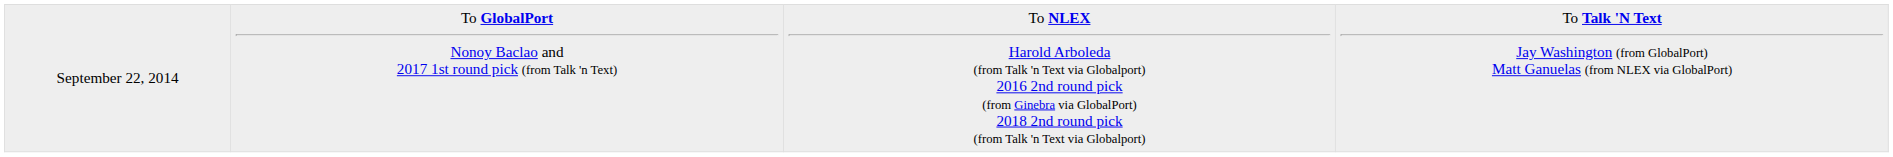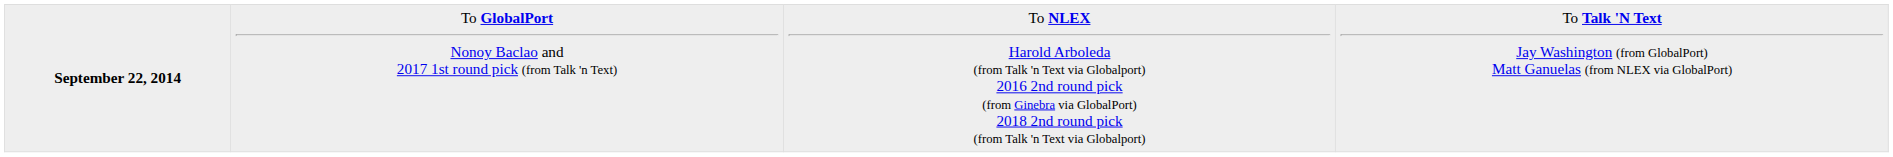 <table border=1 style="border-collapse:collapse; text-align: center; width: 100%" bordercolor="#DFDFDF"  cellpadding="5">
 <tr>
 </tr>
 <tr bgcolor="eeeeee">
-<td style="width:12%">September 22, 2014</td>
+<td style="width:12%"><strong>September 22, 2014</strong></td>
 <td style="width:29.3%" valign="top">To <strong><a href='#'>GlobalPort</a></strong><hr><a href='#'>Nonoy Baclao</a>  and <br><a href='#'>2017 1st round pick</a> <small>(from Talk 'n Text)</small></td>
 <td style="width:29.3%" valign="top">To <strong><a href='#'>NLEX</a></strong><hr><a href='#'>Harold Arboleda</a><br><small>(from Talk 'n Text via Globalport)</small><br><a href='#'>2016 2nd round pick</a><br><small>(from <a href='#'>Ginebra</a> via GlobalPort)</small><br><a href='#'>2018 2nd round pick</a><br><small>(from Talk 'n Text via Globalport)</small></td>
 <td style="width:29.3%" valign="top">To <strong><a href='#'>Talk 'N Text</a></strong><hr><a href='#'>Jay Washington</a> <small>(from GlobalPort)</small><br><a href='#'>Matt Ganuelas</a> <small>(from NLEX via GlobalPort)</small></td>
 </tr>
 </table>
